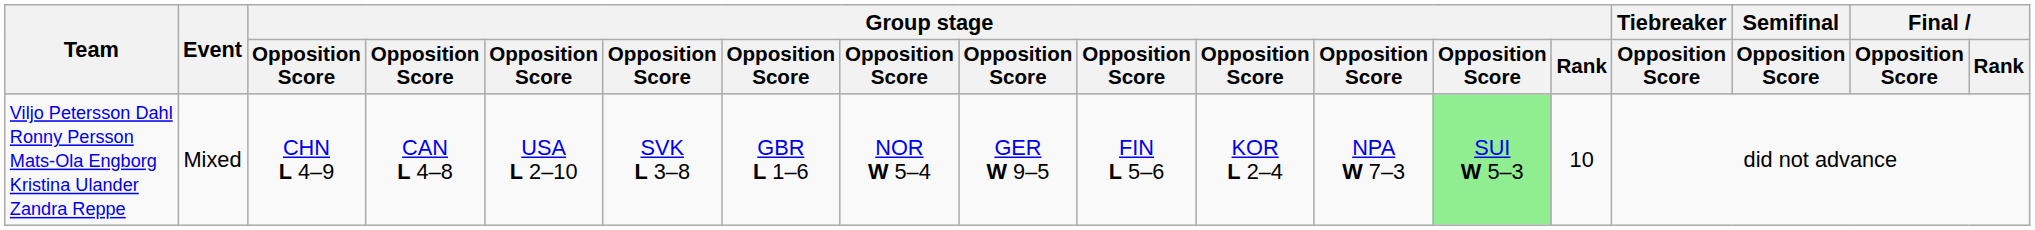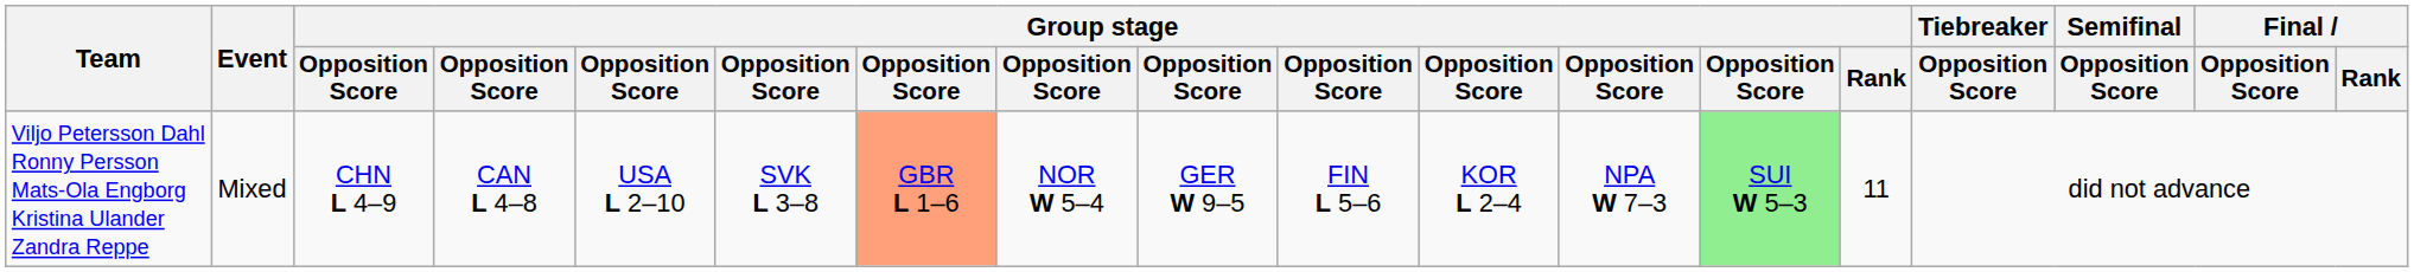 <table class=wikitable style="font-size:90%">
 <tr>
 <th rowspan=2>Team</th>
 <th rowspan=2>Event</th>
 <th colspan=12>Group stage</th>
 <th>Tiebreaker</th>
 <th>Semifinal</th>
 <th colspan=2>Final / </th>
 </tr>
 <tr style="font-size:95%">
 <th>Opposition<br>Score</th>
 <th>Opposition<br>Score</th>
 <th>Opposition<br>Score</th>
 <th>Opposition<br>Score</th>
 <th>Opposition<br>Score</th>
 <th>Opposition<br>Score</th>
 <th>Opposition<br>Score</th>
 <th>Opposition<br>Score</th>
 <th>Opposition<br>Score</th>
 <th>Opposition<br>Score</th>
 <th>Opposition<br>Score</th>
 <th>Rank</th>
 <th>Opposition<br>Score</th>
 <th>Opposition<br>Score</th>
 <th>Opposition<br>Score</th>
 <th>Rank</th>
 </tr>
 <tr align="center">
 <td align="left"><small><a href='#'>Viljo Petersson Dahl</a><br><a href='#'>Ronny Persson</a><br><a href='#'>Mats-Ola Engborg</a><br><a href='#'>Kristina Ulander</a><br><a href='#'>Zandra Reppe</a></small></td>
 <td>Mixed</td>
 <td> <a href='#'>CHN</a><br> <strong>L</strong> 4–9</td>
 <td> <a href='#'>CAN</a><br> <strong>L</strong> 4–8</td>
 <td> <a href='#'>USA</a><br> <strong>L</strong> 2–10</td>
 <td> <a href='#'>SVK</a><br> <strong>L</strong> 3–8</td>
-<td> <a href='#'>GBR</a><br> <strong>L</strong> 1–6</td>
+<td style="background: lightsalmon;"> <a href='#'>GBR</a><br> <strong>L</strong> 1–6</td>
 <td> <a href='#'>NOR</a><br> <strong>W</strong> 5–4</td>
 <td> <a href='#'>GER</a><br> <strong>W</strong> 9–5</td>
 <td> <a href='#'>FIN</a><br> <strong>L</strong> 5–6</td>
 <td> <a href='#'>KOR</a><br> <strong>L</strong> 2–4</td>
 <td> <a href='#'>NPA</a><br> <strong>W</strong> 7–3</td>
 <td style="background: lightgreen;"> <a href='#'>SUI</a><br> <strong>W</strong> 5–3</td>
-<td>10</td>
+<td>11</td>
 <td colspan=4>did not advance</td>
 </tr>
 </table>
